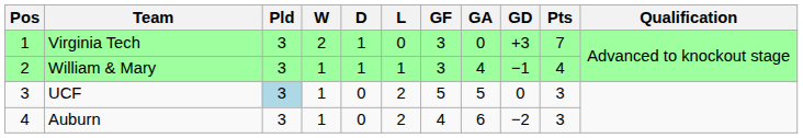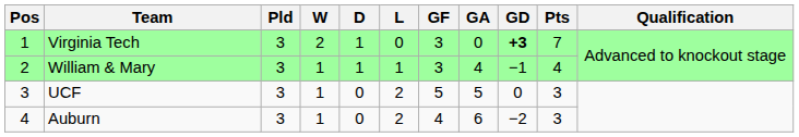 <table class="wikitable" style="text-align:center; margin: 1em auto">
 <tr>
 <th style="width:2em">Pos</th>
 <th style="width:13em">Team</th>
 <th style="width:2em">Pld</th>
 <th style="width:2em">W</th>
 <th style="width:2em">D</th>
 <th style="width:2em">L</th>
 <th style="width:2em">GF</th>
 <th style="width:2em">GA</th>
 <th style="width:2em">GD</th>
 <th style="width:2em">Pts</th>
 <th style="width:13em">Qualification</th>
 </tr>
 <tr bgcolor="#9eff9e">
 <td>1</td>
 <td style="text-align:left">Virginia Tech</td>
 <td>3</td>
 <td>2</td>
 <td>1</td>
 <td>0</td>
 <td>3</td>
 <td>0</td>
-<td>+3</td>
+<td><strong>+3</strong></td>
 <td>7</td>
 <td rowspan="2">Advanced to knockout stage</td>
 </tr>
 <tr bgcolor="#9eff9e">
 <td>2</td>
 <td style="text-align:left">William & Mary</td>
 <td>3</td>
 <td>1</td>
 <td>1</td>
 <td>1</td>
 <td>3</td>
 <td>4</td>
 <td>−1</td>
 <td>4</td>
 </tr>
 <tr>
 <td>3</td>
 <td style="text-align:left">UCF</td>
-<td style="background: lightblue;">3</td>
+<td>3</td>
 <td>1</td>
 <td>0</td>
 <td>2</td>
 <td>5</td>
 <td>5</td>
 <td>0</td>
 <td>3</td>
 <td rowspan="2"></td>
 </tr>
 <tr>
 <td>4</td>
 <td style="text-align:left">Auburn</td>
 <td>3</td>
 <td>1</td>
 <td>0</td>
 <td>2</td>
 <td>4</td>
 <td>6</td>
 <td>−2</td>
 <td>3</td>
 </tr>
 </table>
